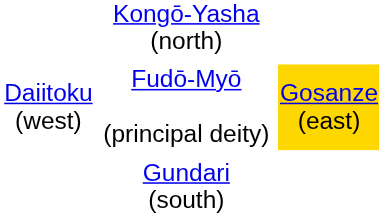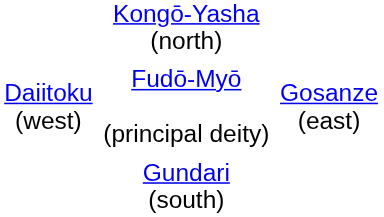 <table border="0" cellspacing="5">
 <tr>
 <td></td>
 <td align = "center"><a href='#'>Kongō-Yasha</a><br>(north)</td>
 <td></td>
 </tr>
 <tr>
 <td align = "center"><a href='#'>Daiitoku</a><br>(west)</td>
 <td align = "center"><a href='#'>Fudō-Myō</a><br><br>(principal deity)</td>
-<td align = "center" style="background: gold;"><a href='#'>Gosanze</a><br>(east)</td>
+<td align = "center"><a href='#'>Gosanze</a><br>(east)</td>
 </tr>
 <tr>
 <td></td>
 <td align = "center"><a href='#'>Gundari</a><br>(south)</td>
 <td></td>
 </tr>
 </table>
